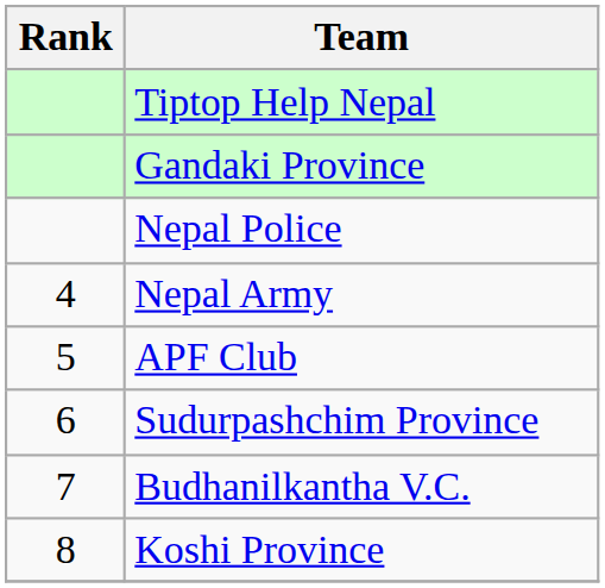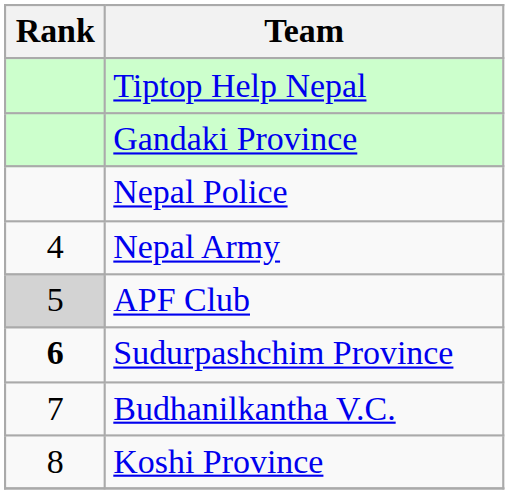 <table class="wikitable" style="text-align: center;">
 <tr>
 <th width=40>Rank</th>
 <th width=180>Team</th>
 </tr>
 <tr bgcolor=#CCFFCC>
 <td></td>
 <td style="text-align:left;"><a href='#'>Tiptop Help Nepal</a></td>
 </tr>
 <tr bgcolor=#CCFFCC>
 <td></td>
 <td style="text-align:left;"><a href='#'>Gandaki Province</a></td>
 </tr>
 <tr>
 <td></td>
 <td style="text-align:left;"><a href='#'>Nepal Police</a></td>
 </tr>
 <tr align=center>
 <td>4</td>
 <td style="text-align:left;"><a href='#'>Nepal Army</a></td>
 </tr>
 <tr align=center>
-<td>5</td>
+<td style="background: lightgrey;">5</td>
 <td style="text-align:left;"><a href='#'>APF Club</a></td>
 </tr>
 <tr align=center>
-<td>6</td>
+<td><strong>6</strong></td>
 <td style="text-align:left;"><a href='#'>Sudurpashchim Province</a></td>
 </tr>
 <tr align=center>
 <td>7</td>
 <td style="text-align:left;"><a href='#'>Budhanilkantha V.C.</a></td>
 </tr>
 <tr align=center>
 <td>8</td>
 <td style="text-align:left;"><a href='#'>Koshi Province</a></td>
 </tr>
 <tr align=center>
 </tr>
 </table>
